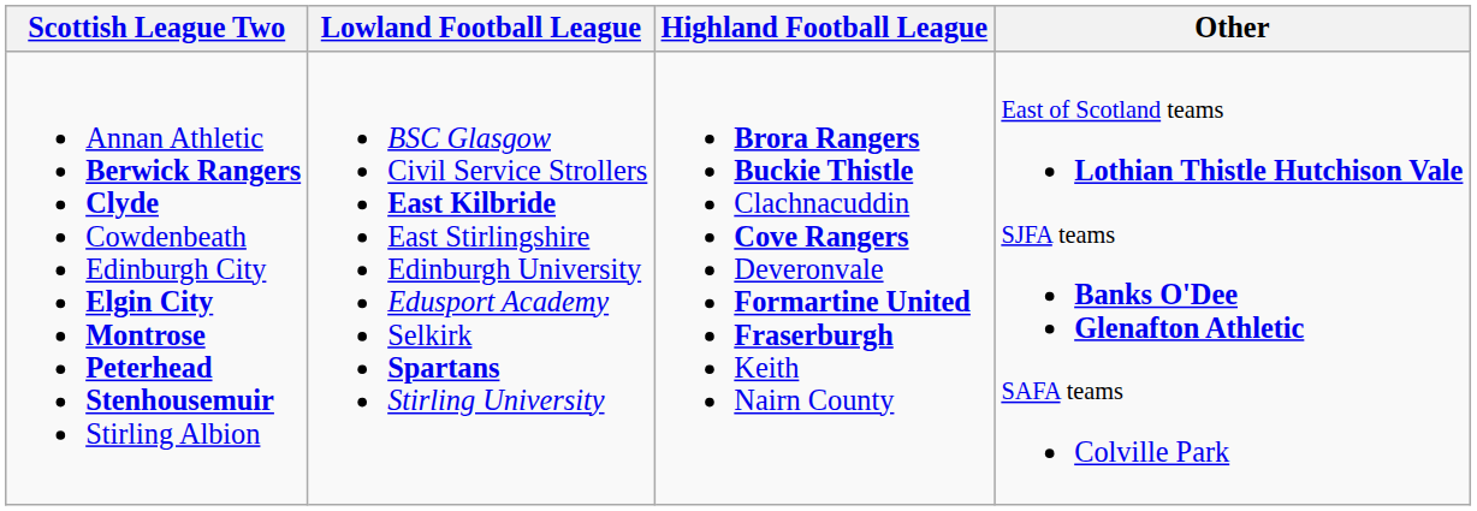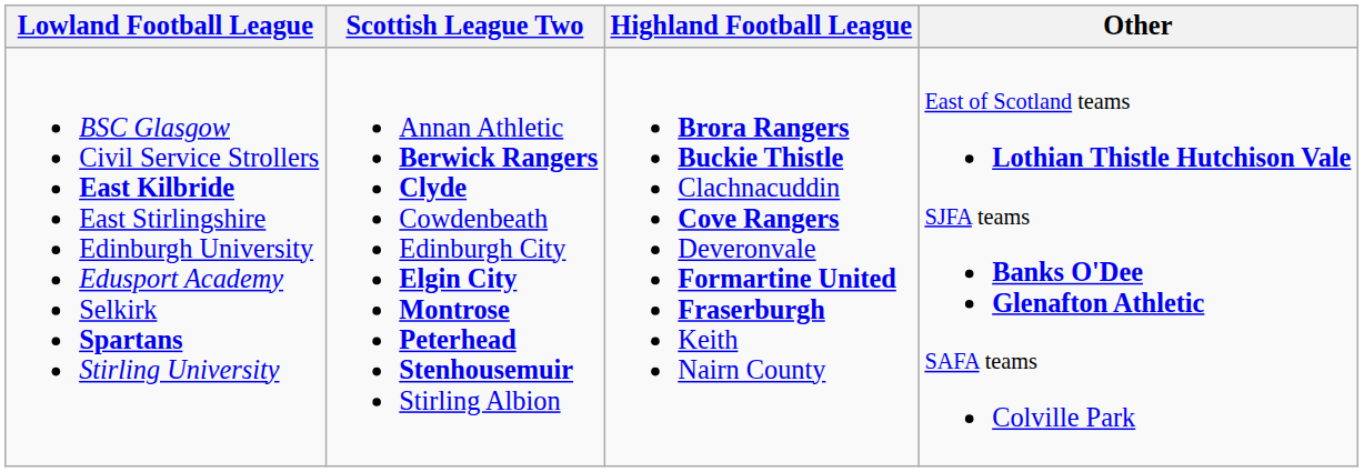 <table class="wikitable" style="text-align:left">
 <tr>
+<th><a href='#'>Lowland Football League</a></th>
 <th><a href='#'>Scottish League Two</a></th>
-<th><a href='#'>Lowland Football League</a></th>
 <th><a href='#'>Highland Football League</a></th>
 <th>Other</th>
 </tr>
 <tr>
+<td valign=top><br><ul><li><em><a href='#'>BSC Glasgow</a></em></li><li><a href='#'>Civil Service Strollers</a></li><li><strong><a href='#'>East Kilbride</a></strong></li><li><a href='#'>East Stirlingshire</a></li><li><a href='#'>Edinburgh University</a></li><li><em><a href='#'>Edusport Academy</a></em></li><li><a href='#'>Selkirk</a></li><li><strong><a href='#'>Spartans</a></strong></li><li><em><a href='#'>Stirling University</a></em></li></ul></td>
 <td valign=top><br><ul><li><a href='#'>Annan Athletic</a></li><li><strong><a href='#'>Berwick Rangers</a></strong></li><li><strong><a href='#'>Clyde</a></strong></li><li><a href='#'>Cowdenbeath</a></li><li><a href='#'>Edinburgh City</a></li><li><strong><a href='#'>Elgin City</a></strong></li><li><strong><a href='#'>Montrose</a></strong></li><li><strong><a href='#'>Peterhead</a></strong></li><li><strong><a href='#'>Stenhousemuir</a></strong></li><li><a href='#'>Stirling Albion</a></li></ul></td>
-<td valign=top><br><ul><li><em><a href='#'>BSC Glasgow</a></em></li><li><a href='#'>Civil Service Strollers</a></li><li><strong><a href='#'>East Kilbride</a></strong></li><li><a href='#'>East Stirlingshire</a></li><li><a href='#'>Edinburgh University</a></li><li><em><a href='#'>Edusport Academy</a></em></li><li><a href='#'>Selkirk</a></li><li><strong><a href='#'>Spartans</a></strong></li><li><em><a href='#'>Stirling University</a></em></li></ul></td>
 <td valign=top><br><ul><li><strong><a href='#'>Brora Rangers</a></strong></li><li><strong><a href='#'>Buckie Thistle</a></strong></li><li><a href='#'>Clachnacuddin</a></li><li><strong><a href='#'>Cove Rangers</a></strong></li><li><a href='#'>Deveronvale</a></li><li><strong><a href='#'>Formartine United</a></strong></li><li><strong><a href='#'>Fraserburgh</a></strong></li><li><a href='#'>Keith</a></li><li><a href='#'>Nairn County</a></li></ul></td>
 <td valign=top><br><small><a href='#'>East of Scotland</a> teams</small><ul><li><strong><a href='#'>Lothian Thistle Hutchison Vale</a></strong></li></ul><small><a href='#'>SJFA</a> teams</small><ul><li><strong><a href='#'>Banks O'Dee</a></strong></li><li><strong><a href='#'>Glenafton Athletic</a></strong></li></ul><small><a href='#'>SAFA</a> teams</small><ul><li><a href='#'>Colville Park</a></li></ul></td>
 </tr>
 </table>
